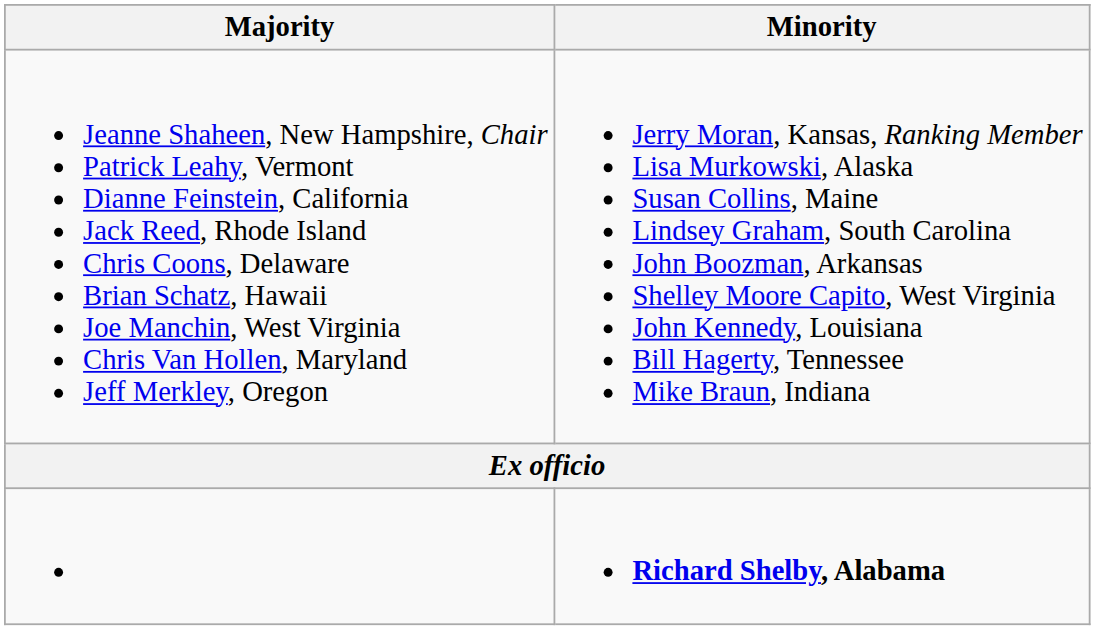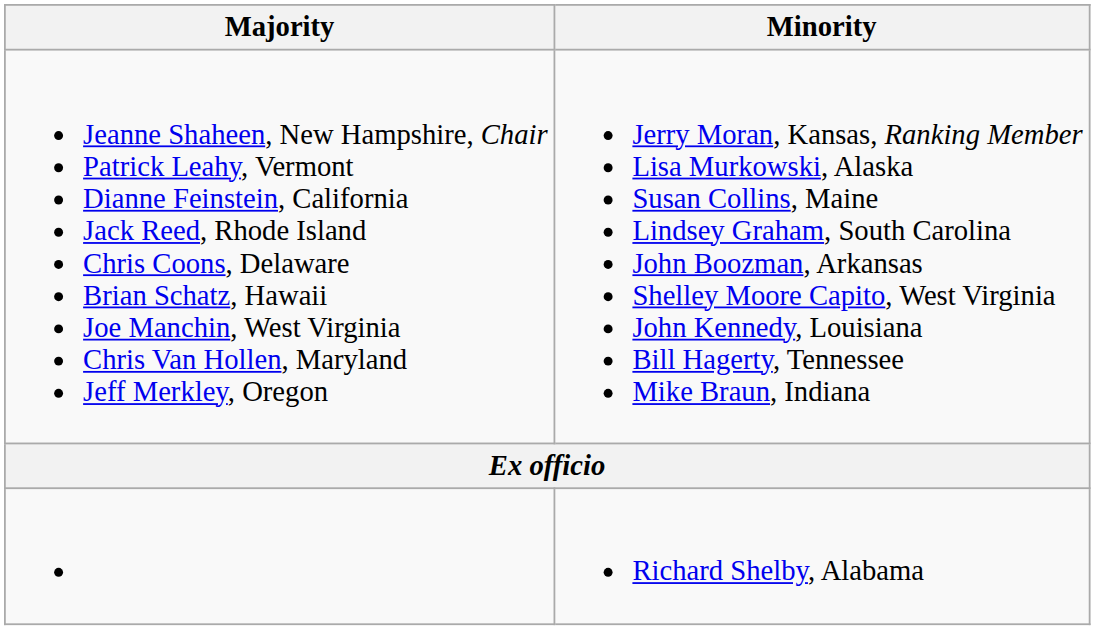 <table class=wikitable>
 <tr>
 <th>Majority</th>
 <th>Minority</th>
 </tr>
 <tr>
 <td><br><ul><li><a href='#'>Jeanne Shaheen</a>, New Hampshire, <em>Chair</em></li><li><a href='#'>Patrick Leahy</a>, Vermont</li><li><a href='#'>Dianne Feinstein</a>, California</li><li><a href='#'>Jack Reed</a>, Rhode Island</li><li><a href='#'>Chris Coons</a>, Delaware</li><li><a href='#'>Brian Schatz</a>, Hawaii</li><li><a href='#'>Joe Manchin</a>, West Virginia</li><li><a href='#'>Chris Van Hollen</a>, Maryland</li><li><a href='#'>Jeff Merkley</a>, Oregon</li></ul></td>
 <td><br><ul><li><a href='#'>Jerry Moran</a>, Kansas, <em>Ranking Member</em></li><li><a href='#'>Lisa Murkowski</a>, Alaska</li><li><a href='#'>Susan Collins</a>, Maine</li><li><a href='#'>Lindsey Graham</a>, South Carolina</li><li><a href='#'>John Boozman</a>, Arkansas</li><li><a href='#'>Shelley Moore Capito</a>, West Virginia</li><li><a href='#'>John Kennedy</a>, Louisiana</li><li><a href='#'>Bill Hagerty</a>, Tennessee</li><li><a href='#'>Mike Braun</a>, Indiana</li></ul></td>
 </tr>
 <tr>
 <th colspan=2 align=center><em>Ex officio</em></th>
 </tr>
 <tr>
 <td><br><ul><li></li></ul></td>
-<td><strong><br><ul><li><a href='#'>Richard Shelby</a>, Alabama</li></ul></strong></td>
+<td><br><ul><li><a href='#'>Richard Shelby</a>, Alabama</li></ul></td>
 </tr>
 </table>
